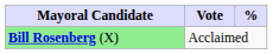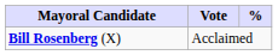 <table class="wikitable">
 <tr>
 <th style="background:#ddf; width:200px;">Mayoral Candidate</th>
 <th style="background:#ddf; width:50px;">Vote</th>
 <th style="background:#ddf; width:30px;">%</th>
 </tr>
 <tr>
-<td style="background: lightgreen;"><strong><a href='#'>Bill Rosenberg</a></strong> (X)</td>
+<td><strong><a href='#'>Bill Rosenberg</a></strong> (X)</td>
 <td colspan="2">Acclaimed</td>
 </tr>
 </table>
